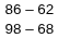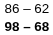 <table style="text-align:center;">
 <tr>
 <th width=200></th>
 <th width=100></th>
 <th width=200></th>
 <th></th>
 </tr>
 <tr>
 <td align=right><strong></strong></td>
 <td>86 – 62</td>
 <td align=left></td>
 </tr>
 <tr>
 <td align=right><strong></strong></td>
-<td>98 – 68</td>
+<td><strong>98 – 68</strong></td>
 <td align=left></td>
 </tr>
 </table>
